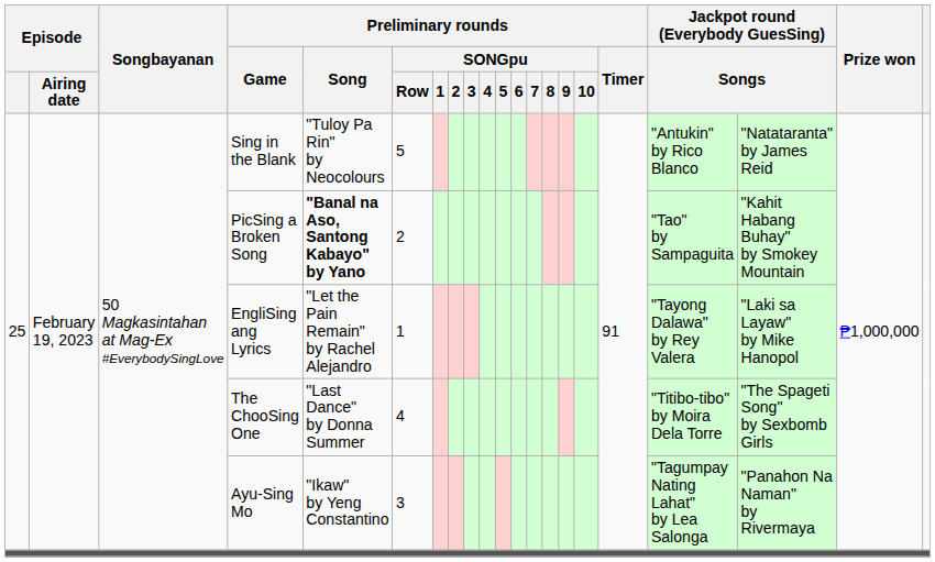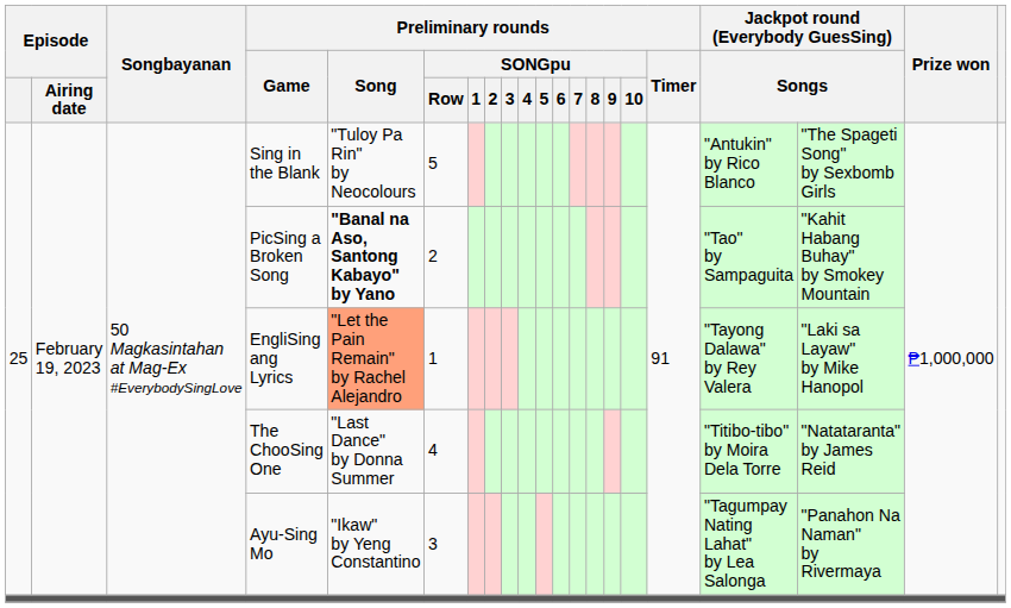 <table class="wikitable plainrowheaders mw-collapsible ">
 <tr>
 <th colspan="2" rowspan="2">Episode</th>
 <th rowspan="3">Songbayanan</th>
 <th colspan="14">Preliminary rounds</th>
 <th colspan="2">Jackpot round<br>(Everybody GuesSing)</th>
 <th rowspan="3">Prize won</th>
 <th rowspan="3"></th>
 </tr>
 <tr>
 <th rowspan="2">Game</th>
 <th rowspan="2">Song</th>
 <th colspan="11">SONGpu</th>
 <th rowspan="2">Timer</th>
 <th colspan="2" rowspan="2">Songs</th>
 </tr>
 <tr>
 <th></th>
 <th>Airing date</th>
 <th>Row</th>
 <th>1</th>
 <th>2</th>
 <th>3</th>
 <th>4</th>
 <th>5</th>
 <th>6</th>
 <th>7</th>
 <th>8</th>
 <th>9</th>
 <th>10</th>
 </tr>
 <tr>
 <td rowspan="5">25</td>
 <td rowspan="5">February 19, 2023</td>
 <td rowspan="5">50 <em>Magkasintahan<br>at Mag-Ex</em><br><small><em>#EverybodySingLove</em></small></td>
 <td>Sing in the Blank</td>
 <td>"Tuloy Pa Rin"<br>by Neocolours</td>
 <td>5</td>
 <td style="background:#FFD2D2"></td>
 <td style="background:#D2FFD2"></td>
 <td style="background:#D2FFD2"></td>
 <td style="background:#D2FFD2"></td>
 <td style="background:#D2FFD2"></td>
 <td style="background:#D2FFD2"></td>
 <td style="background:#FFD2D2"></td>
 <td style="background:#FFD2D2"></td>
 <td style="background:#FFD2D2"></td>
 <td style="background:#D2FFD2"></td>
 <td rowspan="5">91 </td>
 <td style="background:#D2FFD2">"Antukin"<br>by Rico Blanco</td>
-<td style="background:#D2FFD2">"Natataranta"<br>by James Reid</td>
+<td style="background:#D2FFD2">"The Spageti Song"<br>by Sexbomb Girls</td>
 <td rowspan="5"><a href='#'>₱</a>1,000,000</td>
 <td rowspan="5"></td>
 </tr>
 <tr>
 <td>PicSing a Broken Song</td>
 <td><strong>"Banal na Aso, Santong Kabayo"<br>by Yano</strong></td>
 <td>2</td>
 <td style="background:#D2FFD2"></td>
 <td style="background:#D2FFD2"></td>
 <td style="background:#D2FFD2"></td>
 <td style="background:#D2FFD2"></td>
 <td style="background:#D2FFD2"></td>
 <td style="background:#D2FFD2"></td>
 <td style="background:#D2FFD2"></td>
 <td style="background:#FFD2D2"></td>
 <td style="background:#FFD2D2"></td>
 <td style="background:#D2FFD2"></td>
 <td style="background:#D2FFD2">"Tao"<br>by Sampaguita</td>
 <td style="background:#D2FFD2">"Kahit Habang Buhay"<br>by Smokey Mountain</td>
 </tr>
 <tr>
 <td>EngliSing ang Lyrics</td>
-<td>"Let the Pain Remain"<br>by Rachel Alejandro</td>
+<td style="background: lightsalmon;">"Let the Pain Remain"<br>by Rachel Alejandro</td>
 <td>1</td>
 <td style="background:#FFD2D2"></td>
 <td style="background:#FFD2D2"></td>
 <td style="background:#FFD2D2"></td>
 <td style="background:#D2FFD2"></td>
 <td style="background:#D2FFD2"></td>
 <td style="background:#D2FFD2"></td>
 <td style="background:#D2FFD2"></td>
 <td style="background:#D2FFD2"></td>
 <td style="background:#D2FFD2"></td>
 <td style="background:#D2FFD2"></td>
 <td style="background:#D2FFD2">"Tayong Dalawa"<br>by Rey Valera</td>
 <td style="background:#D2FFD2">"Laki sa Layaw"<br>by Mike Hanopol</td>
 </tr>
 <tr>
 <td>The ChooSing One</td>
 <td>"Last Dance"<br>by Donna Summer</td>
 <td>4</td>
 <td style="background:#FFD2D2"></td>
 <td style="background:#D2FFD2"></td>
 <td style="background:#D2FFD2"></td>
 <td style="background:#D2FFD2"></td>
 <td style="background:#D2FFD2"></td>
 <td style="background:#D2FFD2"></td>
 <td style="background:#D2FFD2"></td>
 <td style="background:#D2FFD2"></td>
 <td style="background:#FFD2D2"></td>
 <td style="background:#D2FFD2"></td>
 <td style="background:#D2FFD2">"Titibo-tibo"<br>by Moira Dela Torre</td>
-<td style="background:#D2FFD2">"The Spageti Song"<br>by Sexbomb Girls</td>
+<td style="background:#D2FFD2">"Natataranta"<br>by James Reid</td>
 </tr>
 <tr>
 <td>Ayu-Sing Mo</td>
 <td>"Ikaw"<br>by Yeng Constantino</td>
 <td>3</td>
 <td style="background:#FFD2D2"></td>
 <td style="background:#FFD2D2"></td>
 <td style="background:#D2FFD2"></td>
 <td style="background:#D2FFD2"></td>
 <td style="background:#FFD2D2"></td>
 <td style="background:#D2FFD2"></td>
 <td style="background:#D2FFD2"></td>
 <td style="background:#D2FFD2"></td>
 <td style="background:#D2FFD2"></td>
 <td style="background:#D2FFD2"></td>
 <td style="background:#D2FFD2">"Tagumpay Nating Lahat"<br>by Lea Salonga</td>
 <td style="background:#D2FFD2">"Panahon Na Naman"<br>by Rivermaya</td>
 </tr>
 <tr>
 <th colspan="21" style="background:#555;"></th>
 </tr>
 <tr>
 </tr>
 </table>
